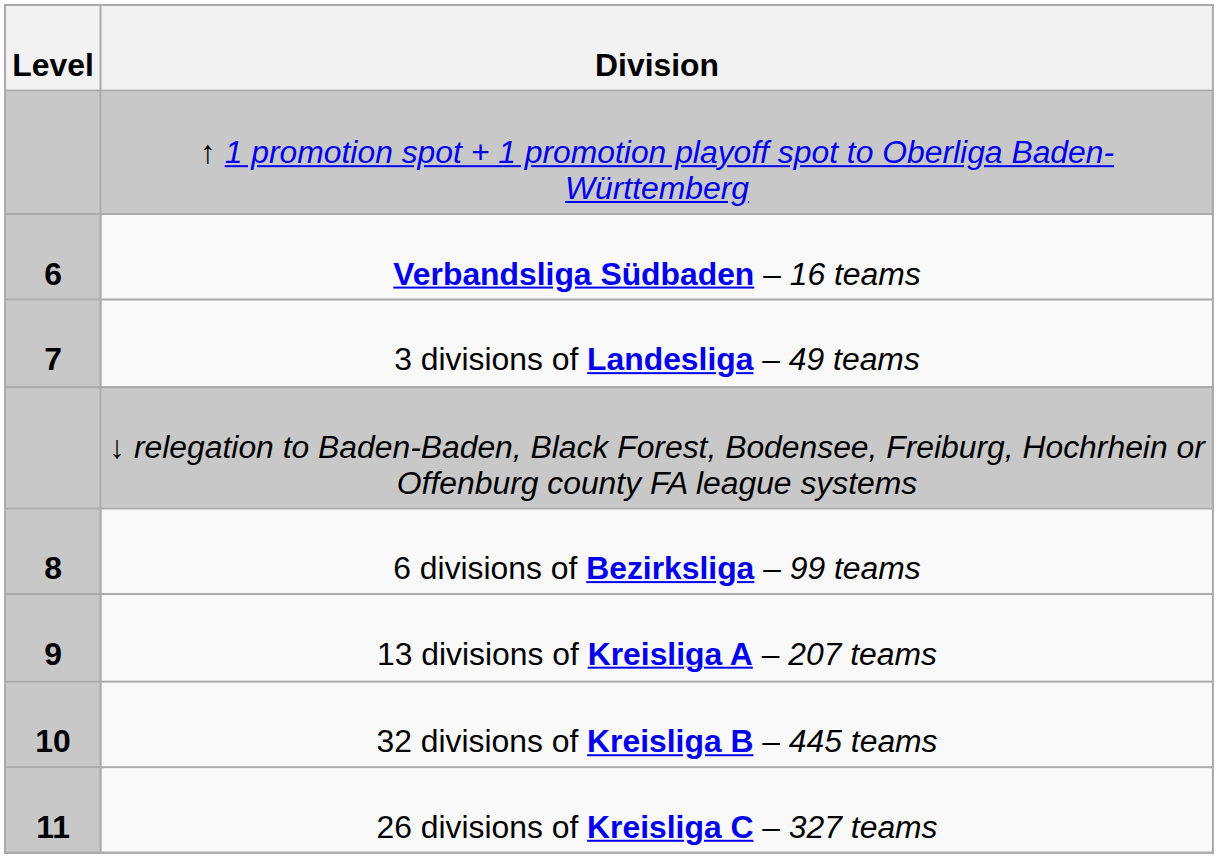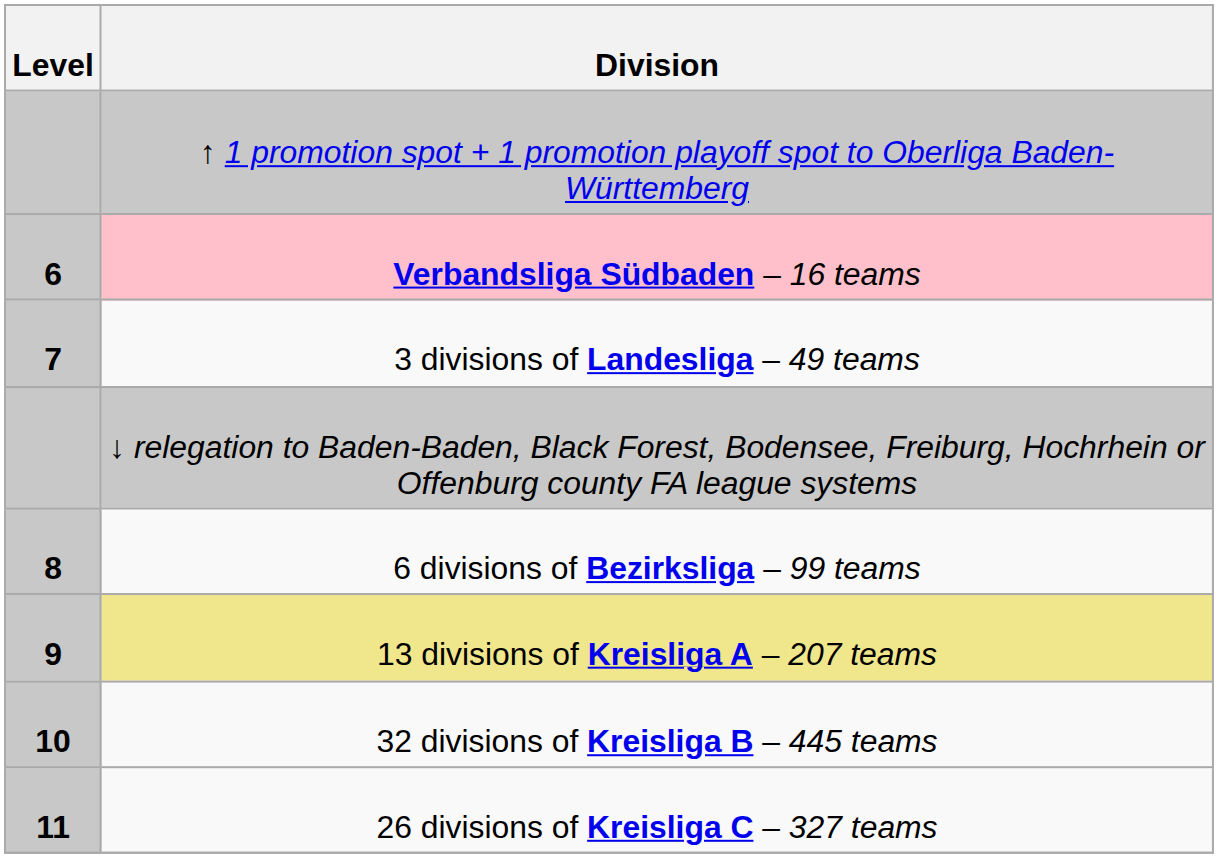 <table class="wikitable" style="text-align:center">
 <tr>
 <th colspan="1" width="4%"><br>Level</th>
 <th colspan="1"><br>Division</th>
 </tr>
 <tr style="background:#c8c8c8">
 <td colspan="1"></td>
 <td colspan="1"><br><em>↑ <a href='#'>1 promotion spot + 1 promotion playoff spot to Oberliga Baden-Württemberg</a></em></td>
 </tr>
 <tr>
 <td colspan="1" style="background:#c8c8c8"><br><strong>6</strong></td>
-<td colspan="1"><br><strong><a href='#'>Verbandsliga Südbaden</a></strong> – <em>16 teams</em></td>
+<td colspan="1" style="background: pink;"><br><strong><a href='#'>Verbandsliga Südbaden</a></strong> – <em>16 teams</em></td>
 </tr>
 <tr>
 <td colspan="1" style="background:#c8c8c8"><br><strong>7</strong></td>
 <td colspan="1"><br>3 divisions of <strong><a href='#'>Landesliga</a></strong> – <em>49 teams</em></td>
 </tr>
 <tr>
 </tr>
 <tr style="background:#c8c8c8">
 <td colspan="1"></td>
 <td colspan="1"><br><em>↓ relegation to Baden-Baden, Black Forest, Bodensee, Freiburg, Hochrhein or Offenburg county FA league systems</em></td>
 </tr>
 <tr>
 <td colspan="1" style="background:#c8c8c8"><br><strong>8</strong></td>
 <td colspan="1"><br>6 divisions of <strong><a href='#'>Bezirksliga</a></strong> – <em>99 teams</em></td>
 </tr>
 <tr>
 <td colspan="1" style="background:#c8c8c8"><br><strong>9</strong></td>
-<td colspan="1"><br>13 divisions of <strong><a href='#'>Kreisliga A</a></strong> – <em>207 teams</em></td>
+<td colspan="1" style="background: khaki;"><br>13 divisions of <strong><a href='#'>Kreisliga A</a></strong> – <em>207 teams</em></td>
 </tr>
 <tr>
 <td colspan="1" style="background:#c8c8c8"><br><strong>10</strong></td>
 <td colspan="1"><br>32 divisions of <strong><a href='#'>Kreisliga B</a></strong> – <em>445 teams</em></td>
 </tr>
 <tr>
 <td colspan="1" style="background:#c8c8c8"><br><strong>11</strong></td>
 <td colspan="1"><br>26 divisions of <strong><a href='#'>Kreisliga C</a></strong> – <em>327 teams</em></td>
 </tr>
 <tr>
 </tr>
 </table>
